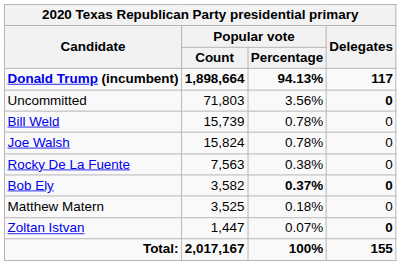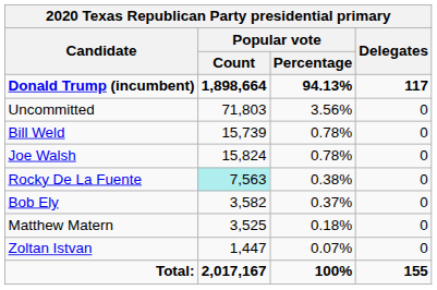 <table class="wikitable">
 <tr>
 <th colspan="4">2020 Texas Republican Party presidential primary</th>
 </tr>
 <tr>
 <th rowspan="2">Candidate</th>
 <th colspan="2">Popular vote</th>
 <th rowspan="2">Delegates</th>
 </tr>
 <tr>
 <th>Count</th>
 <th>Percentage</th>
 </tr>
 <tr align="right" >
 <td style="text-align:left;"><strong><a href='#'>Donald Trump</a></strong> <strong>(incumbent)</strong></td>
 <td><strong>1,898,664</strong></td>
 <td><strong>94.13%</strong></td>
 <td><strong>117</strong></td>
 </tr>
 <tr style="text-align:right;">
 <td style="text-align:left;">Uncommitted</td>
 <td>71,803</td>
 <td>3.56%</td>
-<td><strong>0</strong></td>
+<td>0</td>
 </tr>
 <tr style="text-align:right;">
 <td style="text-align:left;"><a href='#'>Bill Weld</a></td>
 <td>15,739</td>
 <td>0.78%</td>
 <td>0</td>
 </tr>
 <tr style="text-align:right;">
 <td style="text-align:left;"><a href='#'>Joe Walsh</a></td>
 <td>15,824</td>
 <td>0.78%</td>
 <td>0</td>
 </tr>
 <tr style="text-align:right;">
 <td style="text-align:left;"><a href='#'>Rocky De La Fuente</a></td>
-<td>7,563</td>
+<td style="background: paleturquoise;">7,563</td>
 <td>0.38%</td>
 <td>0</td>
 </tr>
 <tr style="text-align:right;">
 <td style="text-align:left;"><a href='#'>Bob Ely</a></td>
 <td>3,582</td>
-<td><strong>0.37%</strong></td>
-<td><strong>0</strong></td>
+<td>0.37%</td>
+<td>0</td>
 </tr>
 <tr style="text-align:right;">
 <td style="text-align:left;">Matthew Matern</td>
 <td>3,525</td>
 <td>0.18%</td>
 <td>0</td>
 </tr>
 <tr style="text-align:right;">
 <td style="text-align:left;"><a href='#'>Zoltan Istvan</a></td>
 <td>1,447</td>
 <td>0.07%</td>
-<td><strong>0</strong></td>
+<td>0</td>
 </tr>
 <tr style="text-align:right;">
 <td><strong>Total:</strong></td>
 <td><strong>2,017,167</strong></td>
 <td><strong>100%</strong></td>
 <td><strong>155</strong></td>
 </tr>
 </table>
